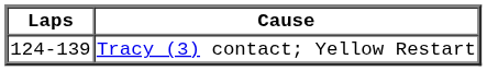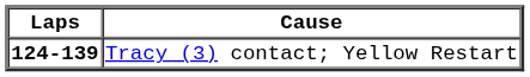 <table border=2 cellspacing=0>
 <tr>
 <th>Laps</th>
 <th>Cause</th>
 </tr>
 <tr>
-<td>124-139</td>
+<td><strong>124-139</strong></td>
 <td><a href='#'>Tracy (3)</a> contact; Yellow Restart</td>
 </tr>
 </table>
